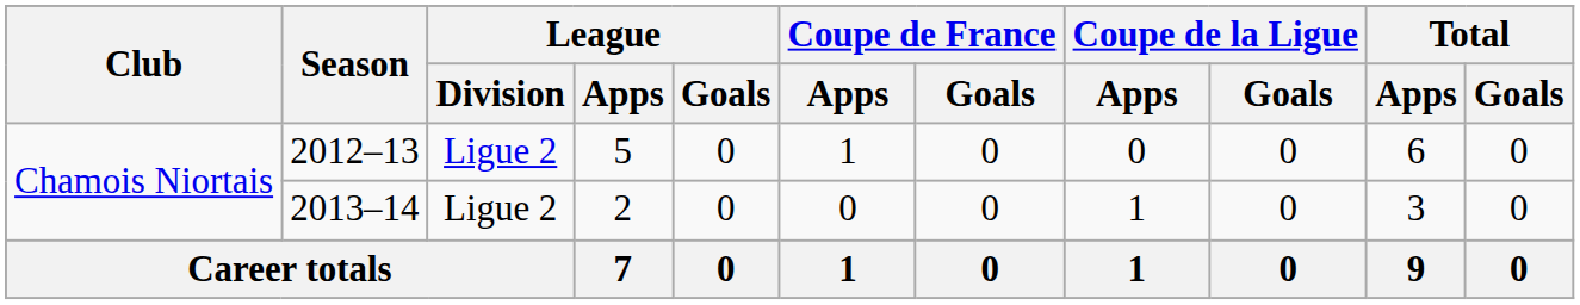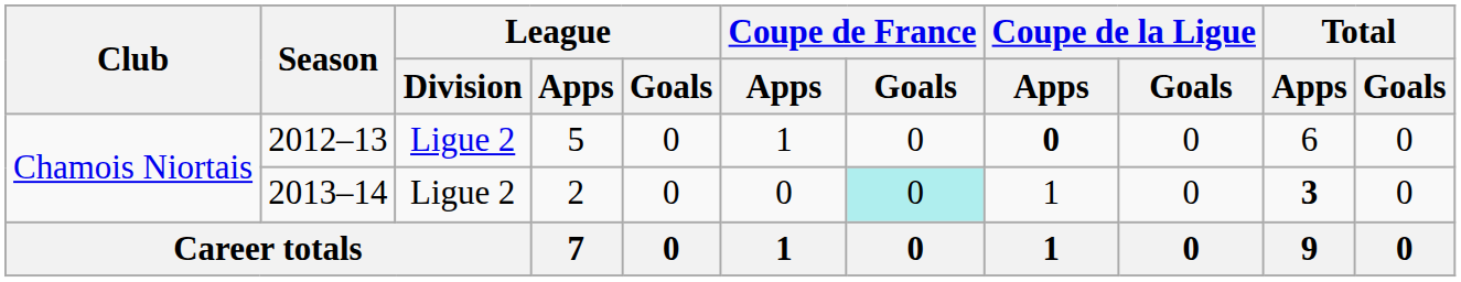 <table class="wikitable" style="text-align: center;">
 <tr>
 <th rowspan="2">Club</th>
 <th rowspan="2">Season</th>
 <th colspan="3">League</th>
 <th colspan="2"><a href='#'>Coupe de France</a></th>
 <th colspan="2"><a href='#'>Coupe de la Ligue</a></th>
 <th colspan="2">Total</th>
 </tr>
 <tr>
 <th>Division</th>
 <th>Apps</th>
 <th>Goals</th>
 <th>Apps</th>
 <th>Goals</th>
 <th>Apps</th>
 <th>Goals</th>
 <th>Apps</th>
 <th>Goals</th>
 </tr>
 <tr>
 <td rowspan="2"><a href='#'>Chamois Niortais</a></td>
 <td>2012–13</td>
 <td><a href='#'>Ligue 2</a></td>
 <td>5</td>
 <td>0</td>
 <td>1</td>
 <td>0</td>
-<td>0</td>
+<td><strong>0</strong></td>
 <td>0</td>
 <td>6</td>
 <td>0</td>
 </tr>
 <tr>
 <td>2013–14</td>
 <td>Ligue 2</td>
 <td>2</td>
 <td>0</td>
 <td>0</td>
-<td>0</td>
+<td style="background: paleturquoise;">0</td>
 <td>1</td>
 <td>0</td>
-<td>3</td>
+<td><strong>3</strong></td>
 <td>0</td>
 </tr>
 <tr>
 <th colspan="3">Career totals</th>
 <th>7</th>
 <th>0</th>
 <th>1</th>
 <th>0</th>
 <th>1</th>
 <th>0</th>
 <th>9</th>
 <th>0</th>
 </tr>
 </table>
